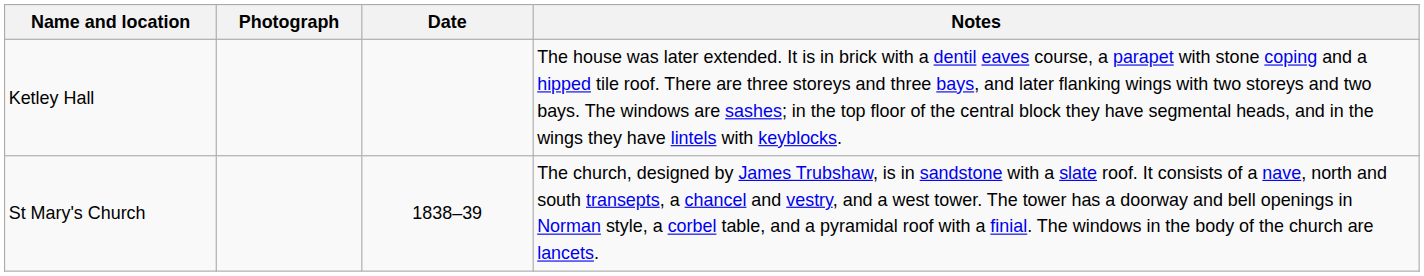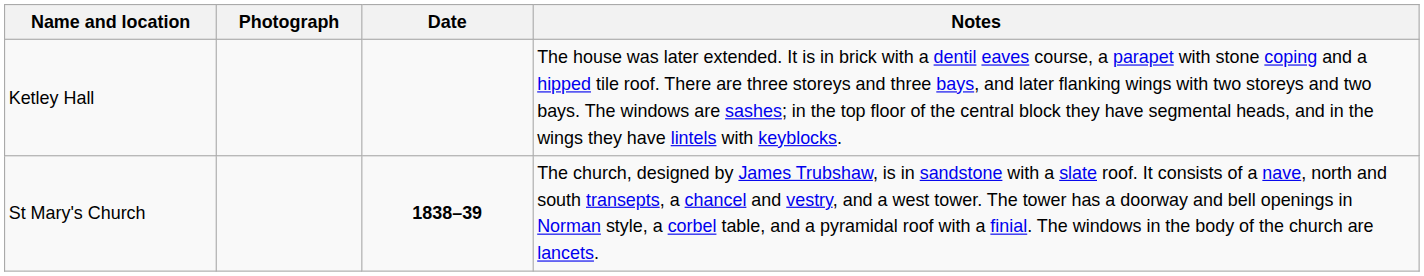 <table class="wikitable sortable plainrowheaders" style="width:100%;border:0px;text-align:left;line-height:150%;">
 <tr>
 <th scope="col"  style="width:150px">Name and location</th>
 <th scope="col"  style="width:100px" class="unsortable">Photograph</th>
 <th scope="col"  style="width:120px">Date</th>
 <th scope="col"  style="width:650px" class="unsortable">Notes</th>
 </tr>
 <tr>
 <td>Ketley Hall<br><small></small></td>
 <td></td>
 <td align="center"></td>
 <td>The house was later extended.  It is in brick with a <a href='#'>dentil</a> <a href='#'>eaves</a> course, a <a href='#'>parapet</a> with stone <a href='#'>coping</a> and a <a href='#'>hipped</a> tile roof.  There are three storeys and three <a href='#'>bays</a>, and later flanking wings with two storeys and two bays.  The windows are <a href='#'>sashes</a>; in the top floor of the central block they have segmental heads, and in the wings they have <a href='#'>lintels</a> with <a href='#'>keyblocks</a>.</td>
 </tr>
 <tr>
 <td>St Mary's Church<br><small></small></td>
 <td></td>
-<td align="center">1838–39</td>
+<td align="center"><strong>1838–39</strong></td>
 <td>The church, designed by <a href='#'>James Trubshaw</a>, is in <a href='#'>sandstone</a> with a <a href='#'>slate</a> roof.  It consists of a <a href='#'>nave</a>, north and south <a href='#'>transepts</a>, a <a href='#'>chancel</a> and <a href='#'>vestry</a>, and a west tower.  The tower has a doorway and bell openings in <a href='#'>Norman</a> style, a <a href='#'>corbel</a> table, and a pyramidal roof with a <a href='#'>finial</a>.  The windows in the body of the church are <a href='#'>lancets</a>.</td>
 </tr>
 <tr>
 </tr>
 </table>
